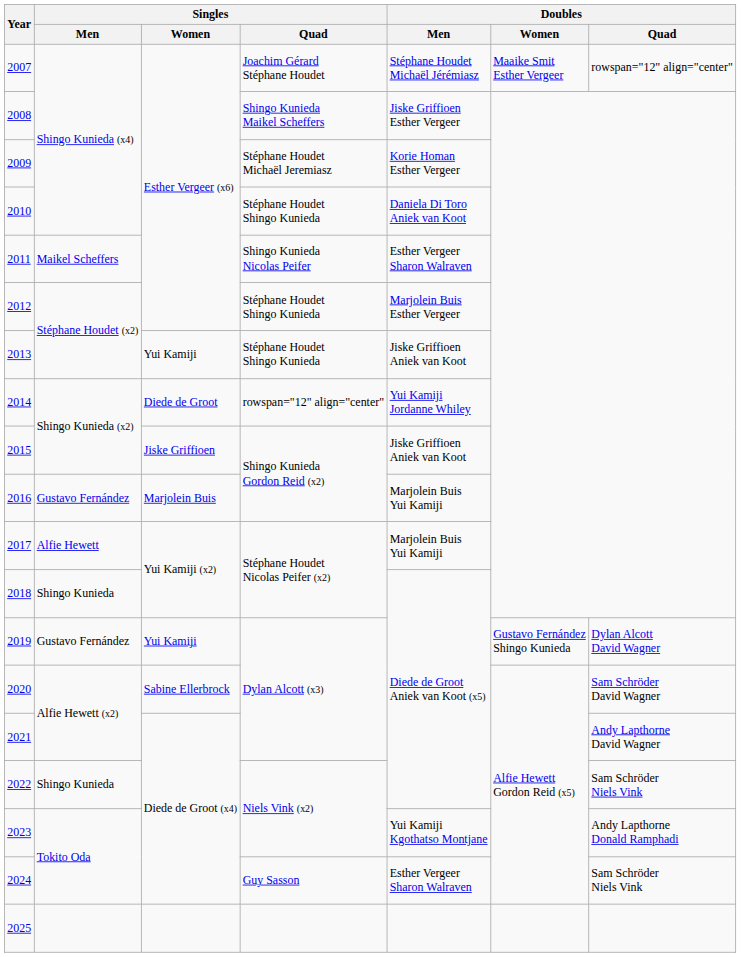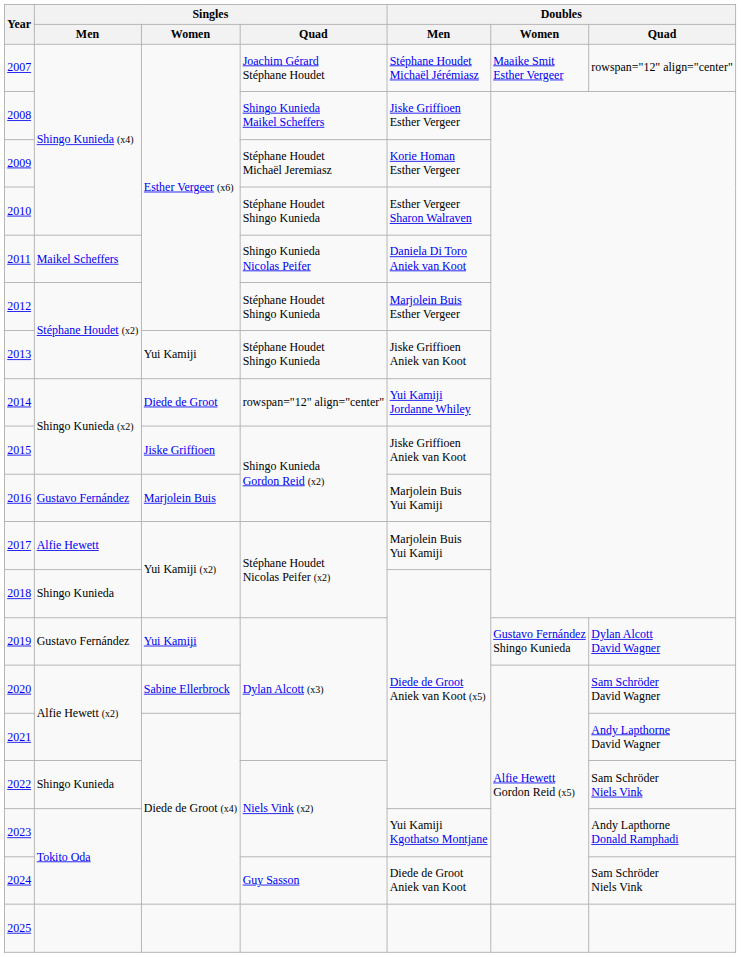 <table class="wikitable" style="font-size: 90%">
 <tr>
 <th rowspan="2">Year</th>
 <th colspan="3">Singles</th>
 <th colspan="3">Doubles</th>
 </tr>
 <tr>
 <th>Men</th>
 <th>Women</th>
 <th>Quad</th>
 <th>Men</th>
 <th>Women</th>
 <th>Quad</th>
 </tr>
 <tr style=height:4em>
 <td><a href='#'>2007</a></td>
 <td rowspan="4"> <a href='#'>Shingo Kunieda</a> <small>(x4)</small></td>
 <td rowspan="6"> <a href='#'>Esther Vergeer</a> <small>(x6)</small></td>
 <td> <a href='#'>Joachim Gérard</a><br> Stéphane Houdet</td>
 <td> <a href='#'>Stéphane Houdet</a><br> <a href='#'>Michaël Jérémiasz</a></td>
 <td> <a href='#'>Maaike Smit</a><br> <a href='#'>Esther Vergeer</a></td>
 <td>rowspan="12" align="center"  </td>
 </tr>
 <tr style=height:4em>
 <td><a href='#'>2008</a></td>
 <td> <a href='#'>Shingo Kunieda</a><br> <a href='#'>Maikel Scheffers</a></td>
 <td> <a href='#'>Jiske Griffioen</a><br> Esther Vergeer</td>
 </tr>
 <tr style=height:4em>
 <td><a href='#'>2009</a></td>
 <td> Stéphane Houdet<br> Michaël Jeremiasz</td>
 <td> <a href='#'>Korie Homan</a><br> Esther Vergeer</td>
 </tr>
 <tr style=height:4em>
 <td><a href='#'>2010</a></td>
 <td> Stéphane Houdet<br> Shingo Kunieda</td>
-<td> <a href='#'>Daniela Di Toro</a><br> <a href='#'>Aniek van Koot</a></td>
+<td> Esther Vergeer<br> <a href='#'>Sharon Walraven</a></td>
 </tr>
 <tr style=height:4em>
 <td><a href='#'>2011</a></td>
 <td> <a href='#'>Maikel Scheffers</a></td>
 <td> Shingo Kunieda<br> <a href='#'>Nicolas Peifer</a></td>
-<td> Esther Vergeer<br> <a href='#'>Sharon Walraven</a></td>
+<td> <a href='#'>Daniela Di Toro</a><br> <a href='#'>Aniek van Koot</a></td>
 </tr>
 <tr style=height:4em>
 <td><a href='#'>2012</a></td>
 <td rowspan="2"> <a href='#'>Stéphane Houdet</a> <small>(x2)</small></td>
 <td> Stéphane Houdet<br> Shingo Kunieda</td>
 <td> <a href='#'>Marjolein Buis</a><br> Esther Vergeer</td>
 </tr>
 <tr style=height:4em>
 <td><a href='#'>2013</a></td>
 <td> Yui Kamiji</td>
 <td> Stéphane Houdet<br> Shingo Kunieda</td>
 <td> Jiske Griffioen<br> Aniek van Koot</td>
 </tr>
 <tr style=height:4em>
 <td><a href='#'>2014</a></td>
 <td rowspan="2"> Shingo Kunieda <small>(x2)</small></td>
 <td> <a href='#'>Diede de Groot</a></td>
 <td>rowspan="12" align="center"  </td>
 <td> <a href='#'>Yui Kamiji</a><br> <a href='#'>Jordanne Whiley</a></td>
 </tr>
 <tr style=height:4em>
 <td><a href='#'>2015</a></td>
 <td> <a href='#'>Jiske Griffioen</a></td>
 <td rowspan="2"> Shingo Kunieda<br> <a href='#'>Gordon Reid</a> <small>(x2)</small></td>
 <td> Jiske Griffioen<br> Aniek van Koot</td>
 </tr>
 <tr style=height:4em>
 <td><a href='#'>2016</a></td>
 <td> <a href='#'>Gustavo Fernández</a></td>
 <td> <a href='#'>Marjolein Buis</a></td>
 <td> Marjolein Buis<br> Yui Kamiji</td>
 </tr>
 <tr style=height:4em>
 <td><a href='#'>2017</a></td>
 <td> <a href='#'>Alfie Hewett</a></td>
 <td rowspan="2"> Yui Kamiji <small>(x2)</small></td>
 <td rowspan="2"> Stéphane Houdet<br> Nicolas Peifer <small>(x2)</small></td>
 <td> Marjolein Buis<br> Yui Kamiji</td>
 </tr>
 <tr style=height:4em>
 <td><a href='#'>2018</a></td>
 <td> Shingo Kunieda</td>
 <td rowspan="5"> <a href='#'>Diede de Groot</a><br> Aniek van Koot <small>(x5)</small></td>
 </tr>
 <tr style=height:4em>
 <td><a href='#'>2019</a></td>
 <td> Gustavo Fernández</td>
 <td> <a href='#'>Yui Kamiji</a></td>
 <td rowspan="3"> <a href='#'>Dylan Alcott</a> <small>(x3)</small></td>
 <td> <a href='#'>Gustavo Fernández</a><br> Shingo Kunieda</td>
 <td> <a href='#'>Dylan Alcott</a><br> <a href='#'>David Wagner</a></td>
 </tr>
 <tr style=height:4em>
 <td><a href='#'>2020</a></td>
 <td rowspan="2"> Alfie Hewett <small>(x2)</small></td>
 <td> <a href='#'>Sabine Ellerbrock</a></td>
 <td rowspan="5"> <a href='#'>Alfie Hewett</a><br> Gordon Reid <small>(x5)</small></td>
 <td> <a href='#'>Sam Schröder</a><br> David Wagner</td>
 </tr>
 <tr style=height:4em>
 <td><a href='#'>2021</a></td>
 <td rowspan="4"> Diede de Groot <small>(x4)</small></td>
 <td> <a href='#'>Andy Lapthorne</a><br> David Wagner</td>
 </tr>
 <tr style=height:4em>
 <td><a href='#'>2022</a></td>
 <td> Shingo Kunieda</td>
 <td rowspan="2"> <a href='#'>Niels Vink</a> <small>(x2)</small></td>
 <td> Sam Schröder<br> <a href='#'>Niels Vink</a></td>
 </tr>
 <tr style=height:4em>
 <td><a href='#'>2023</a></td>
 <td rowspan="2"> <a href='#'>Tokito Oda</a></td>
 <td> Yui Kamiji<br> <a href='#'>Kgothatso Montjane</a></td>
 <td> Andy Lapthorne<br> <a href='#'>Donald Ramphadi</a></td>
 </tr>
 <tr style=height:4em>
 <td><a href='#'>2024</a></td>
 <td> <a href='#'>Guy Sasson</a></td>
-<td> Esther Vergeer<br> <a href='#'>Sharon Walraven</a></td>
+<td> Diede de Groot<br> Aniek van Koot</td>
 <td> Sam Schröder<br> Niels Vink</td>
 </tr>
 <tr style=height:4em>
 <td><a href='#'>2025</a></td>
 <td></td>
 <td></td>
 <td></td>
 <td></td>
 <td></td>
 <td></td>
 </tr>
 </table>
